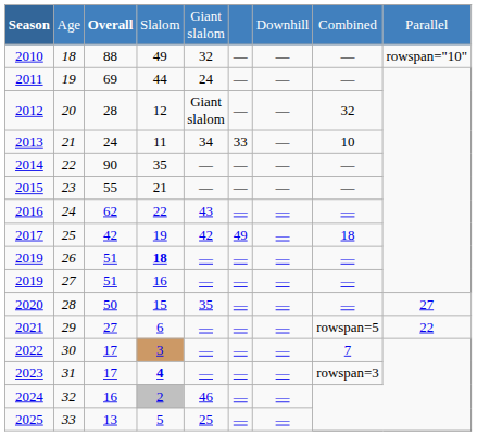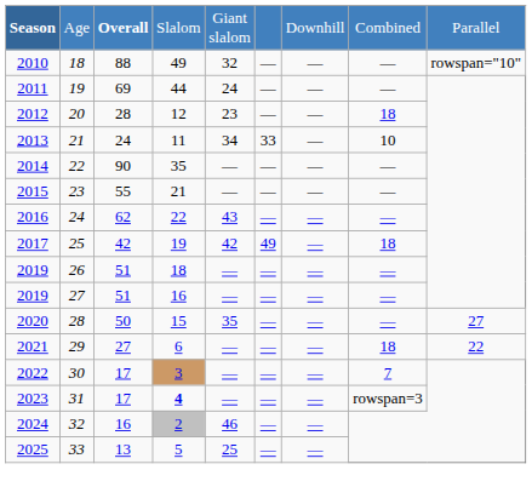 <table class="wikitable"  style="font-size:95%; text-align:center; border:gray solid 1px; width:40%;">
 <tr style="background:#369; color:white;">
 <td rowspan="2" style="width:6%;"><strong>Season</strong></td>
 </tr>
 <tr style="background:#4180be; color:white;">
 <td style="width:3%;">Age</td>
 <td style="width:5%;"><strong>Overall</strong></td>
 <td style="width:5%;">Slalom</td>
 <td style="width:5%;">Giant<br>slalom</td>
 <td style="width:5%;"></td>
 <td style="width:5%;">Downhill</td>
 <td style="width:5%;">Combined</td>
 <td style="width:5%;">Parallel</td>
 </tr>
 <tr>
 <td><a href='#'>2010</a></td>
 <td><em>18</em></td>
 <td>88</td>
 <td>49</td>
 <td>32</td>
 <td>—</td>
 <td>—</td>
 <td>—</td>
 <td>rowspan="10" </td>
 </tr>
 <tr>
 <td><a href='#'>2011</a></td>
 <td><em>19</em></td>
 <td>69</td>
 <td>44</td>
 <td>24</td>
 <td>—</td>
 <td>—</td>
 <td>—</td>
 </tr>
 <tr>
 <td><a href='#'>2012</a></td>
 <td><em>20</em></td>
 <td>28</td>
 <td>12</td>
-<td style="width:5%;">Giant<br>slalom</td>
+<td>23</td>
 <td>—</td>
 <td>—</td>
-<td>32</td>
+<td><a href='#'>18</a></td>
 </tr>
 <tr>
 <td><a href='#'>2013</a></td>
 <td><em>21</em></td>
 <td>24</td>
 <td>11</td>
 <td>34</td>
 <td>33</td>
 <td>—</td>
 <td>10</td>
 </tr>
 <tr>
 <td><a href='#'>2014</a></td>
 <td><em>22</em></td>
 <td>90</td>
 <td>35</td>
 <td>—</td>
 <td>—</td>
 <td>—</td>
 <td>—</td>
 </tr>
 <tr>
 <td><a href='#'>2015</a></td>
 <td><em>23</em></td>
 <td>55</td>
 <td>21</td>
 <td>—</td>
 <td>—</td>
 <td>—</td>
 <td>—</td>
 </tr>
 <tr>
 <td><a href='#'>2016</a></td>
 <td><em>24</em></td>
 <td><a href='#'>62</a></td>
 <td><a href='#'>22</a></td>
 <td><a href='#'>43</a></td>
 <td><a href='#'>—</a></td>
 <td><a href='#'>—</a></td>
 <td><a href='#'>—</a></td>
 </tr>
 <tr>
 <td><a href='#'>2017</a></td>
 <td><em>25</em></td>
 <td><a href='#'>42</a></td>
 <td><a href='#'>19</a></td>
 <td><a href='#'>42</a></td>
 <td><a href='#'>49</a></td>
 <td><a href='#'>—</a></td>
 <td><a href='#'>18</a></td>
 </tr>
 <tr>
 <td><a href='#'>2019</a></td>
 <td><em>26</em></td>
 <td><a href='#'>51</a></td>
-<td><strong><a href='#'>18</a></strong></td>
+<td><a href='#'>18</a></td>
 <td><a href='#'>—</a></td>
 <td><a href='#'>—</a></td>
 <td><a href='#'>—</a></td>
 <td><a href='#'>—</a></td>
 </tr>
 <tr>
 <td><a href='#'>2019</a></td>
 <td><em>27</em></td>
 <td><a href='#'>51</a></td>
 <td><a href='#'>16</a></td>
 <td><a href='#'>—</a></td>
 <td><a href='#'>—</a></td>
 <td><a href='#'>—</a></td>
 <td><a href='#'>—</a></td>
 </tr>
 <tr>
 <td><a href='#'>2020</a></td>
 <td><em>28</em></td>
 <td><a href='#'>50</a></td>
 <td><a href='#'>15</a></td>
 <td><a href='#'>35</a></td>
 <td><a href='#'>—</a></td>
 <td><a href='#'>—</a></td>
 <td><a href='#'>—</a></td>
 <td><a href='#'>27</a></td>
 </tr>
 <tr>
 <td><a href='#'>2021</a></td>
 <td><em>29</em></td>
 <td><a href='#'>27</a></td>
 <td><a href='#'>6</a></td>
 <td><a href='#'>—</a></td>
 <td><a href='#'>—</a></td>
 <td><a href='#'>—</a></td>
-<td>rowspan=5</td>
+<td><a href='#'>18</a></td>
 <td><a href='#'>22</a></td>
 </tr>
 <tr>
 <td><a href='#'>2022</a></td>
 <td><em>30</em></td>
 <td><a href='#'>17</a></td>
 <td bgcolor="#c96"><a href='#'>3</a></td>
 <td><a href='#'>—</a></td>
 <td><a href='#'>—</a></td>
 <td><a href='#'>—</a></td>
 <td><a href='#'>7</a></td>
 </tr>
 <tr>
 <td><a href='#'>2023</a></td>
 <td><em>31</em></td>
 <td><a href='#'>17</a></td>
 <td><strong><a href='#'>4</a></strong></td>
 <td><a href='#'>—</a></td>
 <td><a href='#'>—</a></td>
 <td><a href='#'>—</a></td>
 <td>rowspan=3</td>
 </tr>
 <tr>
 <td><a href='#'>2024</a></td>
 <td><em>32</em></td>
 <td><a href='#'>16</a></td>
 <td bgcolor="silver"><a href='#'>2</a></td>
 <td><a href='#'>46</a></td>
 <td><a href='#'>—</a></td>
 <td><a href='#'>—</a></td>
 </tr>
 <tr>
 <td><a href='#'>2025</a></td>
 <td><em>33</em></td>
 <td><a href='#'>13</a></td>
 <td><a href='#'>5</a></td>
 <td><a href='#'>25</a></td>
 <td><a href='#'>—</a></td>
 <td><a href='#'>—</a></td>
 </tr>
 </table>
